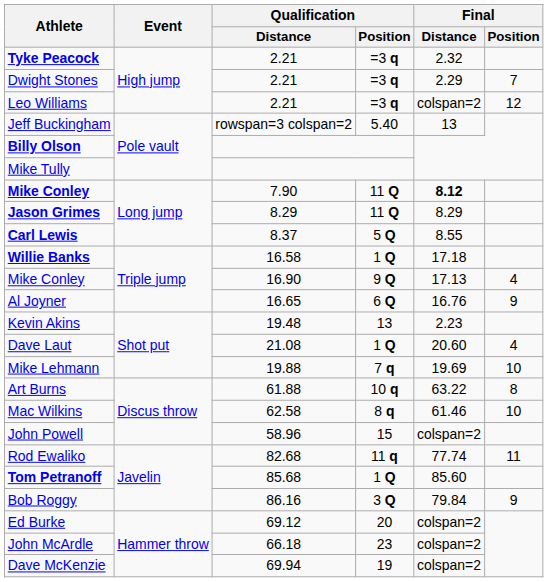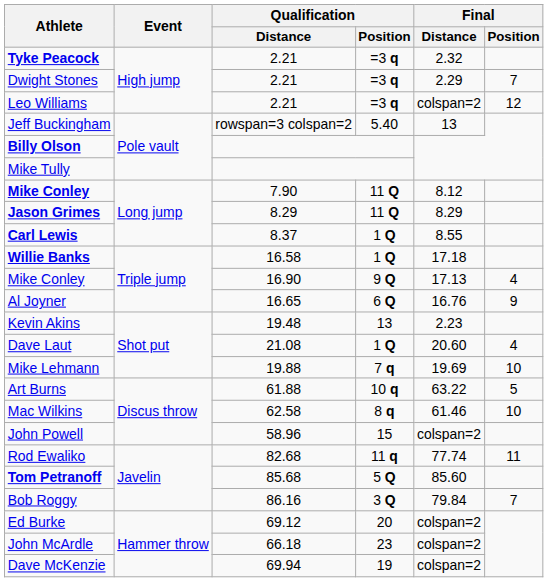 <table class=wikitable style=font-size:90%>
 <tr>
 <th rowspan=2>Athlete</th>
 <th rowspan=2>Event</th>
 <th colspan=2>Qualification</th>
 <th colspan=2>Final</th>
 </tr>
 <tr style=font-size:95%>
 <th>Distance</th>
 <th>Position</th>
 <th>Distance</th>
 <th>Position</th>
 </tr>
 <tr align=center>
 <td align=left><strong><a href='#'>Tyke Peacock</a></strong></td>
 <td align=left rowspan=3><a href='#'>High jump</a></td>
 <td>2.21</td>
 <td>=3 <strong>q</strong></td>
 <td>2.32</td>
 <td></td>
 </tr>
 <tr align=center>
 <td align=left><a href='#'>Dwight Stones</a></td>
 <td>2.21</td>
 <td>=3 <strong>q</strong></td>
 <td>2.29</td>
 <td>7</td>
 </tr>
 <tr align=center>
 <td align=left><a href='#'>Leo Williams</a></td>
 <td>2.21</td>
 <td>=3 <strong>q</strong></td>
 <td>colspan=2 </td>
 <td>12</td>
 </tr>
 <tr align=center>
 <td align=left><a href='#'>Jeff Buckingham</a></td>
 <td align=left rowspan=3><a href='#'>Pole vault</a></td>
 <td>rowspan=3 colspan=2 </td>
 <td>5.40</td>
 <td>13</td>
 </tr>
 <tr align=center>
 <td align=left><strong><a href='#'>Billy Olson</a></strong></td>
 <td colspan=2></td>
 </tr>
 <tr align=center>
 <td align=left><a href='#'>Mike Tully</a></td>
 <td colspan=2></td>
 </tr>
 <tr align=center>
 <td align=left><strong><a href='#'>Mike Conley</a></strong></td>
 <td align=left rowspan=3><a href='#'>Long jump</a></td>
 <td>7.90</td>
 <td>11 <strong>Q</strong></td>
-<td><strong>8.12</strong></td>
+<td>8.12</td>
 <td></td>
 </tr>
 <tr align=center>
 <td align=left><strong><a href='#'>Jason Grimes</a></strong></td>
 <td>8.29</td>
 <td>11 <strong>Q</strong></td>
 <td>8.29</td>
 <td></td>
 </tr>
 <tr align=center>
 <td align=left><strong><a href='#'>Carl Lewis</a></strong></td>
 <td>8.37</td>
-<td>5 <strong>Q</strong></td>
+<td>1 <strong>Q</strong></td>
 <td>8.55 <strong></strong></td>
 <td></td>
 </tr>
 <tr align=center>
 <td align=left><strong><a href='#'>Willie Banks</a></strong></td>
 <td align=left rowspan=3><a href='#'>Triple jump</a></td>
 <td>16.58</td>
 <td>1 <strong>Q</strong></td>
 <td>17.18</td>
 <td></td>
 </tr>
 <tr align=center>
 <td align=left><a href='#'>Mike Conley</a></td>
 <td>16.90</td>
 <td>9 <strong>Q</strong></td>
 <td>17.13</td>
 <td>4</td>
 </tr>
 <tr align=center>
 <td align=left><a href='#'>Al Joyner</a></td>
 <td>16.65</td>
 <td>6 <strong>Q</strong></td>
 <td>16.76</td>
 <td>9</td>
 </tr>
 <tr align=center>
 <td align=left><a href='#'>Kevin Akins</a></td>
 <td align=left rowspan=3><a href='#'>Shot put</a></td>
 <td>19.48</td>
 <td>13</td>
 <td>2.23</td>
 </tr>
 <tr align=center>
 <td align=left><a href='#'>Dave Laut</a></td>
 <td>21.08</td>
 <td>1 <strong>Q</strong></td>
 <td>20.60</td>
 <td>4</td>
 </tr>
 <tr align=center>
 <td align=left><a href='#'>Mike Lehmann</a></td>
 <td>19.88</td>
 <td>7 <strong>q</strong></td>
 <td>19.69</td>
 <td>10</td>
 </tr>
 <tr align=center>
 <td align=left><a href='#'>Art Burns</a></td>
 <td align=left  rowspan=3><a href='#'>Discus throw</a></td>
 <td>61.88</td>
 <td>10 <strong>q</strong></td>
 <td>63.22</td>
-<td>8</td>
+<td>5</td>
 </tr>
 <tr align=center>
 <td align=left><a href='#'>Mac Wilkins</a></td>
 <td>62.58</td>
 <td>8 <strong>q</strong></td>
 <td>61.46</td>
 <td>10</td>
 </tr>
 <tr align=center>
 <td align=left><a href='#'>John Powell</a></td>
 <td>58.96</td>
 <td>15</td>
 <td>colspan=2 </td>
 </tr>
 <tr align=center>
 <td align=left><a href='#'>Rod Ewaliko</a></td>
 <td align=left  rowspan=3><a href='#'>Javelin</a></td>
 <td>82.68</td>
 <td>11 <strong>q</strong></td>
 <td>77.74</td>
 <td>11</td>
 </tr>
 <tr align=center>
 <td align=left><strong><a href='#'>Tom Petranoff</a></strong></td>
 <td>85.68</td>
-<td>1 <strong>Q</strong></td>
+<td>5 <strong>Q</strong></td>
 <td>85.60</td>
 <td></td>
 </tr>
 <tr align=center>
 <td align=left><a href='#'>Bob Roggy</a></td>
 <td>86.16</td>
 <td>3 <strong>Q</strong></td>
 <td>79.84</td>
-<td>9</td>
+<td>7</td>
 </tr>
 <tr align=center>
 <td align=left><a href='#'>Ed Burke</a></td>
 <td align=left  rowspan=3><a href='#'>Hammer throw</a></td>
 <td>69.12</td>
 <td>20</td>
 <td>colspan=2 </td>
 </tr>
 <tr align=center>
 <td align=left><a href='#'>John McArdle</a></td>
 <td>66.18</td>
 <td>23</td>
 <td>colspan=2 </td>
 </tr>
 <tr align=center>
 <td align=left><a href='#'>Dave McKenzie</a></td>
 <td>69.94</td>
 <td>19</td>
 <td>colspan=2 </td>
 </tr>
 </table>
